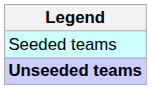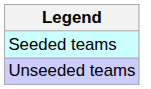 <table class="wikitable">
 <tr>
 <th>Legend</th>
 </tr>
 <tr style="background:#cff;">
 <td>Seeded teams</td>
 </tr>
 <tr style="background:#ccf;">
-<td><strong>Unseeded teams</strong></td>
+<td>Unseeded teams</td>
 </tr>
 </table>
